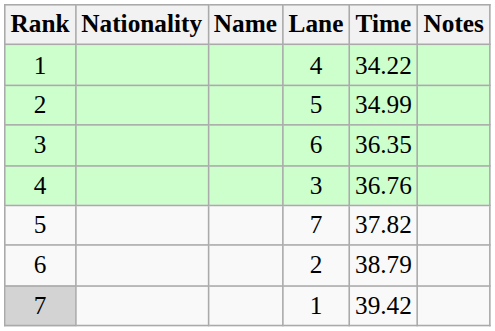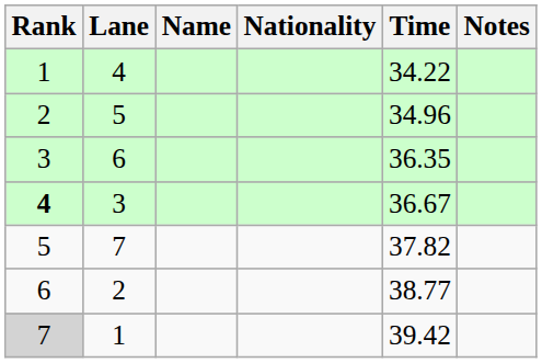 <table class="wikitable sortable" style="text-align:center">
 <tr>
 <th>Rank</th>
+<th>Lane</th>
+<th>Name</th>
 <th>Nationality</th>
-<th>Name</th>
-<th>Lane</th>
 <th>Time</th>
 <th>Notes</th>
 </tr>
 <tr bgcolor=ccffcc>
 <td>1</td>
+<td>4</td>
 <td align=left></td>
 <td align=left></td>
-<td>4</td>
 <td>34.22</td>
 <td><strong></strong></td>
 </tr>
 <tr bgcolor=ccffcc>
 <td>2</td>
+<td>5</td>
 <td align=left></td>
 <td align=left></td>
-<td>5</td>
-<td>34.99</td>
+<td>34.96</td>
 <td><strong></strong></td>
 </tr>
 <tr bgcolor=ccffcc>
 <td>3</td>
+<td>6</td>
 <td align=left></td>
 <td align=left></td>
-<td>6</td>
 <td>36.35</td>
 <td><strong></strong></td>
 </tr>
 <tr bgcolor=ccffcc>
-<td>4</td>
+<td><strong>4</strong></td>
+<td>3</td>
 <td align=left></td>
 <td align=left></td>
-<td>3</td>
-<td>36.76</td>
+<td>36.67</td>
 <td><strong></strong></td>
 </tr>
 <tr>
 <td>5</td>
+<td>7</td>
 <td align=left></td>
 <td align=left></td>
-<td>7</td>
 <td>37.82</td>
 <td></td>
 </tr>
 <tr>
 <td>6</td>
+<td>2</td>
 <td align=left></td>
 <td align=left></td>
-<td>2</td>
-<td>38.79</td>
+<td>38.77</td>
 <td></td>
 </tr>
 <tr>
 <td style="background: lightgrey;">7</td>
+<td>1</td>
 <td align=left></td>
 <td align=left></td>
-<td>1</td>
 <td>39.42</td>
 <td></td>
 </tr>
 </table>
